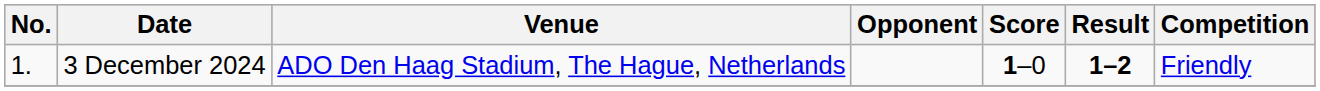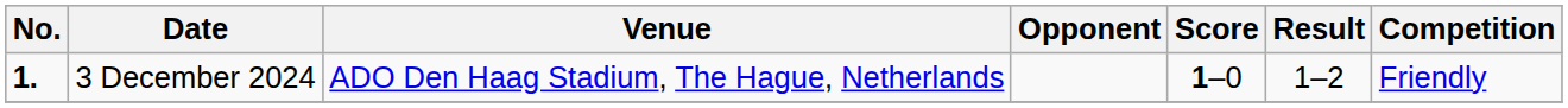 <table class="wikitable">
 <tr>
 <th>No.</th>
 <th>Date</th>
 <th>Venue</th>
 <th>Opponent</th>
 <th>Score</th>
 <th>Result</th>
 <th>Competition</th>
 </tr>
 <tr>
-<td>1.</td>
+<td><strong>1.</strong></td>
 <td>3 December 2024</td>
 <td><a href='#'>ADO Den Haag Stadium</a>, <a href='#'>The Hague</a>, <a href='#'>Netherlands</a></td>
 <td></td>
 <td align=center><strong>1</strong>–0</td>
-<td align=center><strong>1–2</strong></td>
+<td align=center>1–2</td>
 <td><a href='#'>Friendly</a></td>
 </tr>
 <tr>
 </tr>
 </table>
